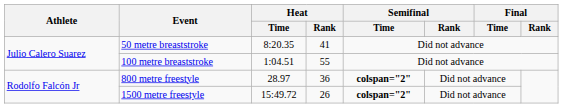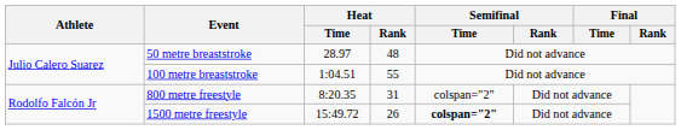 <table class="wikitable" style="text-align:center; font-size:90%; width:50%;">
 <tr>
 <th rowspan="2">Athlete</th>
 <th rowspan="2">Event</th>
 <th colspan="2">Heat</th>
 <th colspan="2">Semifinal</th>
 <th colspan="2">Final</th>
 </tr>
 <tr style="font-size:95%">
 <th>Time</th>
 <th>Rank</th>
 <th>Time</th>
 <th>Rank</th>
 <th>Time</th>
 <th>Rank</th>
 </tr>
 <tr>
 <td align=left rowspan=2><a href='#'>Julio Calero Suarez</a></td>
 <td align=left><a href='#'>50 metre breaststroke</a></td>
-<td>8:20.35</td>
-<td>41</td>
+<td>28.97</td>
+<td>48</td>
 <td colspan=4>Did not advance</td>
 </tr>
 <tr>
 <td align=left><a href='#'>100 metre breaststroke</a></td>
 <td>1:04.51</td>
 <td>55</td>
 <td colspan=4>Did not advance</td>
 </tr>
 <tr>
 <td align=left rowspan=2><a href='#'>Rodolfo Falcón Jr</a></td>
 <td align=left><a href='#'>800 metre freestyle</a></td>
-<td>28.97</td>
-<td>36</td>
-<td><strong>colspan="2" </strong></td>
+<td>8:20.35</td>
+<td>31</td>
+<td>colspan="2" </td>
 <td colspan="2">Did not advance</td>
 </tr>
 <tr>
 <td align=left><a href='#'>1500 metre freestyle</a></td>
 <td>15:49.72</td>
 <td>26</td>
 <td><strong>colspan="2" </strong></td>
 <td colspan="2">Did not advance</td>
 </tr>
 </table>
